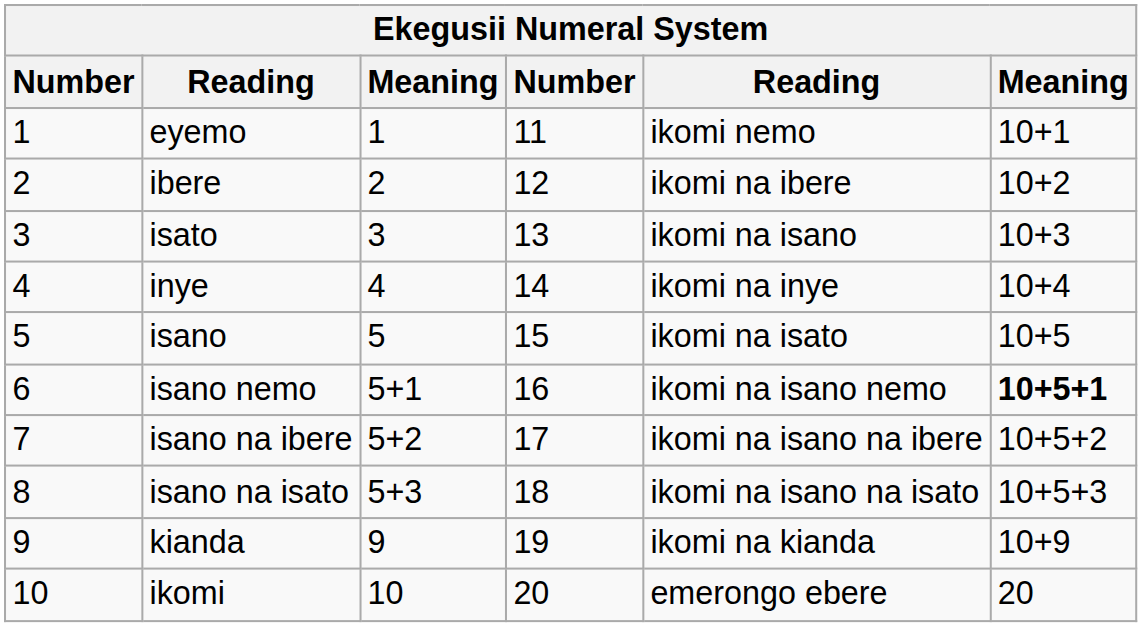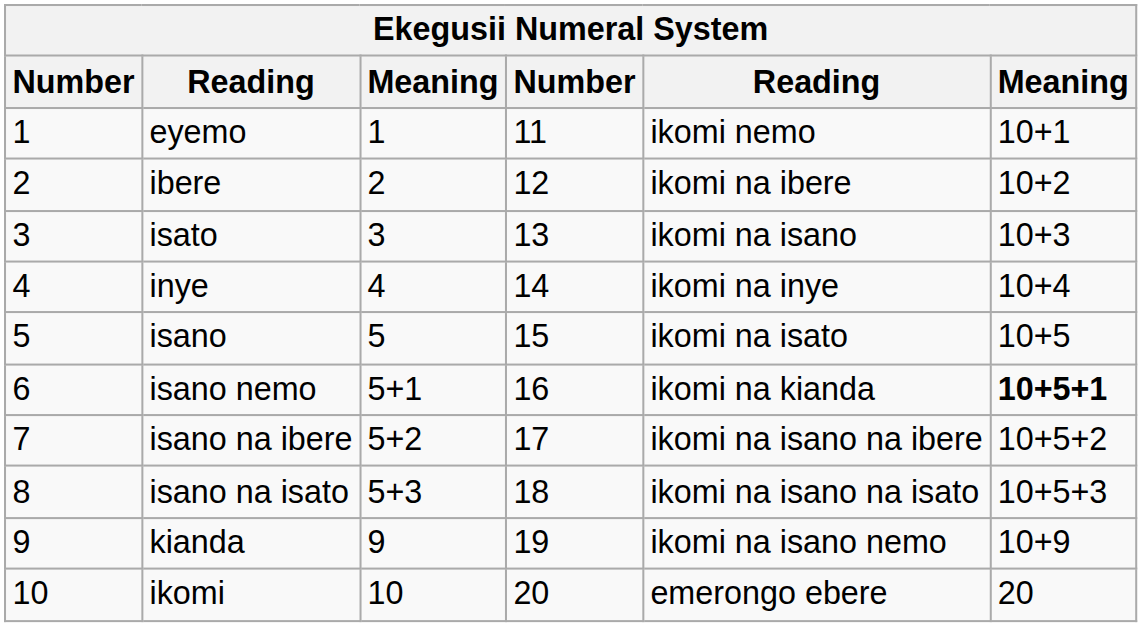 <table class="wikitable">
 <tr>
 <th colspan="6">Ekegusii Numeral System</th>
 </tr>
 <tr>
 <th>Number</th>
 <th>Reading</th>
 <th>Meaning</th>
 <th>Number</th>
 <th>Reading</th>
 <th>Meaning</th>
 </tr>
 <tr>
 <td>1</td>
 <td>eyemo</td>
 <td>1</td>
 <td>11</td>
 <td>ikomi nemo</td>
 <td>10+1</td>
 </tr>
 <tr>
 <td>2</td>
 <td>ibere</td>
 <td>2</td>
 <td>12</td>
 <td>ikomi na ibere</td>
 <td>10+2</td>
 </tr>
 <tr>
 <td>3</td>
 <td>isato</td>
 <td>3</td>
 <td>13</td>
 <td>ikomi na isano</td>
 <td>10+3</td>
 </tr>
 <tr>
 <td>4</td>
 <td>inye</td>
 <td>4</td>
 <td>14</td>
 <td>ikomi na inye</td>
 <td>10+4</td>
 </tr>
 <tr>
 <td>5</td>
 <td>isano</td>
 <td>5</td>
 <td>15</td>
 <td>ikomi na isato</td>
 <td>10+5</td>
 </tr>
 <tr>
 <td>6</td>
 <td>isano nemo</td>
 <td>5+1</td>
 <td>16</td>
-<td>ikomi na isano nemo</td>
+<td>ikomi na kianda</td>
 <td><strong>10+5+1</strong></td>
 </tr>
 <tr>
 <td>7</td>
 <td>isano na ibere</td>
 <td>5+2</td>
 <td>17</td>
 <td>ikomi na isano na ibere</td>
 <td>10+5+2</td>
 </tr>
 <tr>
 <td>8</td>
 <td>isano na isato</td>
 <td>5+3</td>
 <td>18</td>
 <td>ikomi na isano na isato</td>
 <td>10+5+3</td>
 </tr>
 <tr>
 <td>9</td>
 <td>kianda</td>
 <td>9</td>
 <td>19</td>
-<td>ikomi na kianda</td>
+<td>ikomi na isano nemo</td>
 <td>10+9</td>
 </tr>
 <tr>
 <td>10</td>
 <td>ikomi</td>
 <td>10</td>
 <td>20</td>
 <td>emerongo ebere</td>
 <td>20</td>
 </tr>
 </table>
